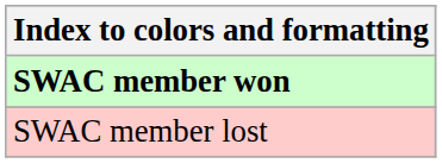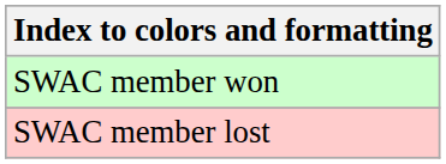 <table class="wikitable">
 <tr>
 <th>Index to colors and formatting</th>
 </tr>
 <tr style="background:#cfc;">
-<td><strong>SWAC member won</strong></td>
+<td>SWAC member won</td>
 </tr>
 <tr style="background:#fcc;">
 <td>SWAC  member lost</td>
 </tr>
 </table>
